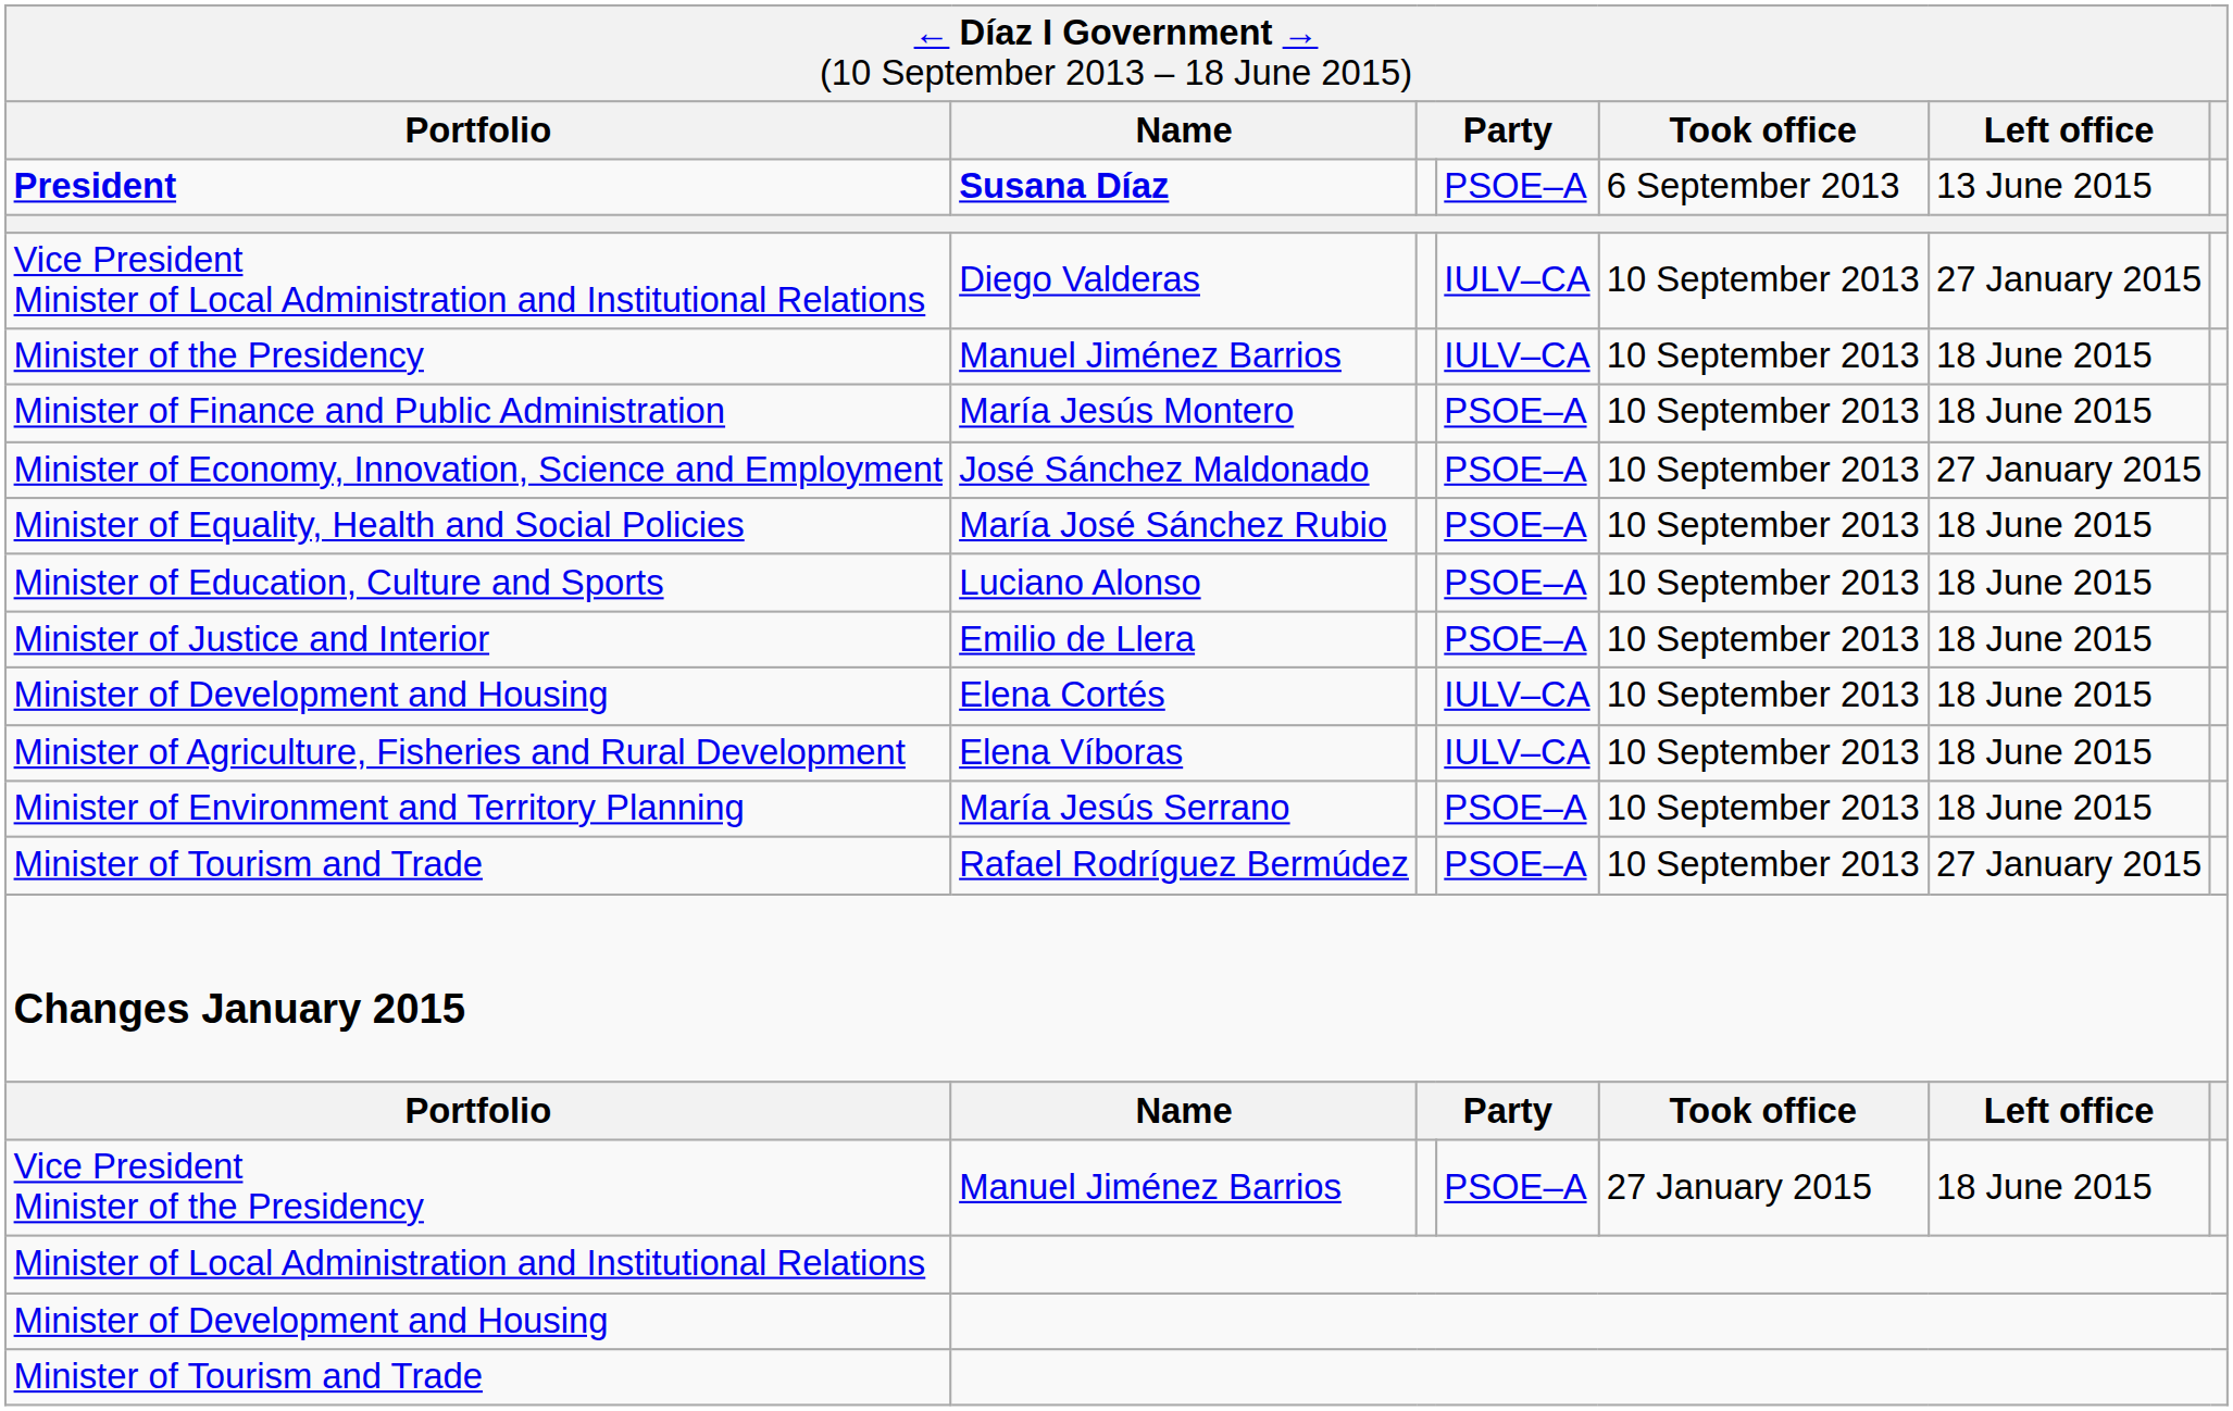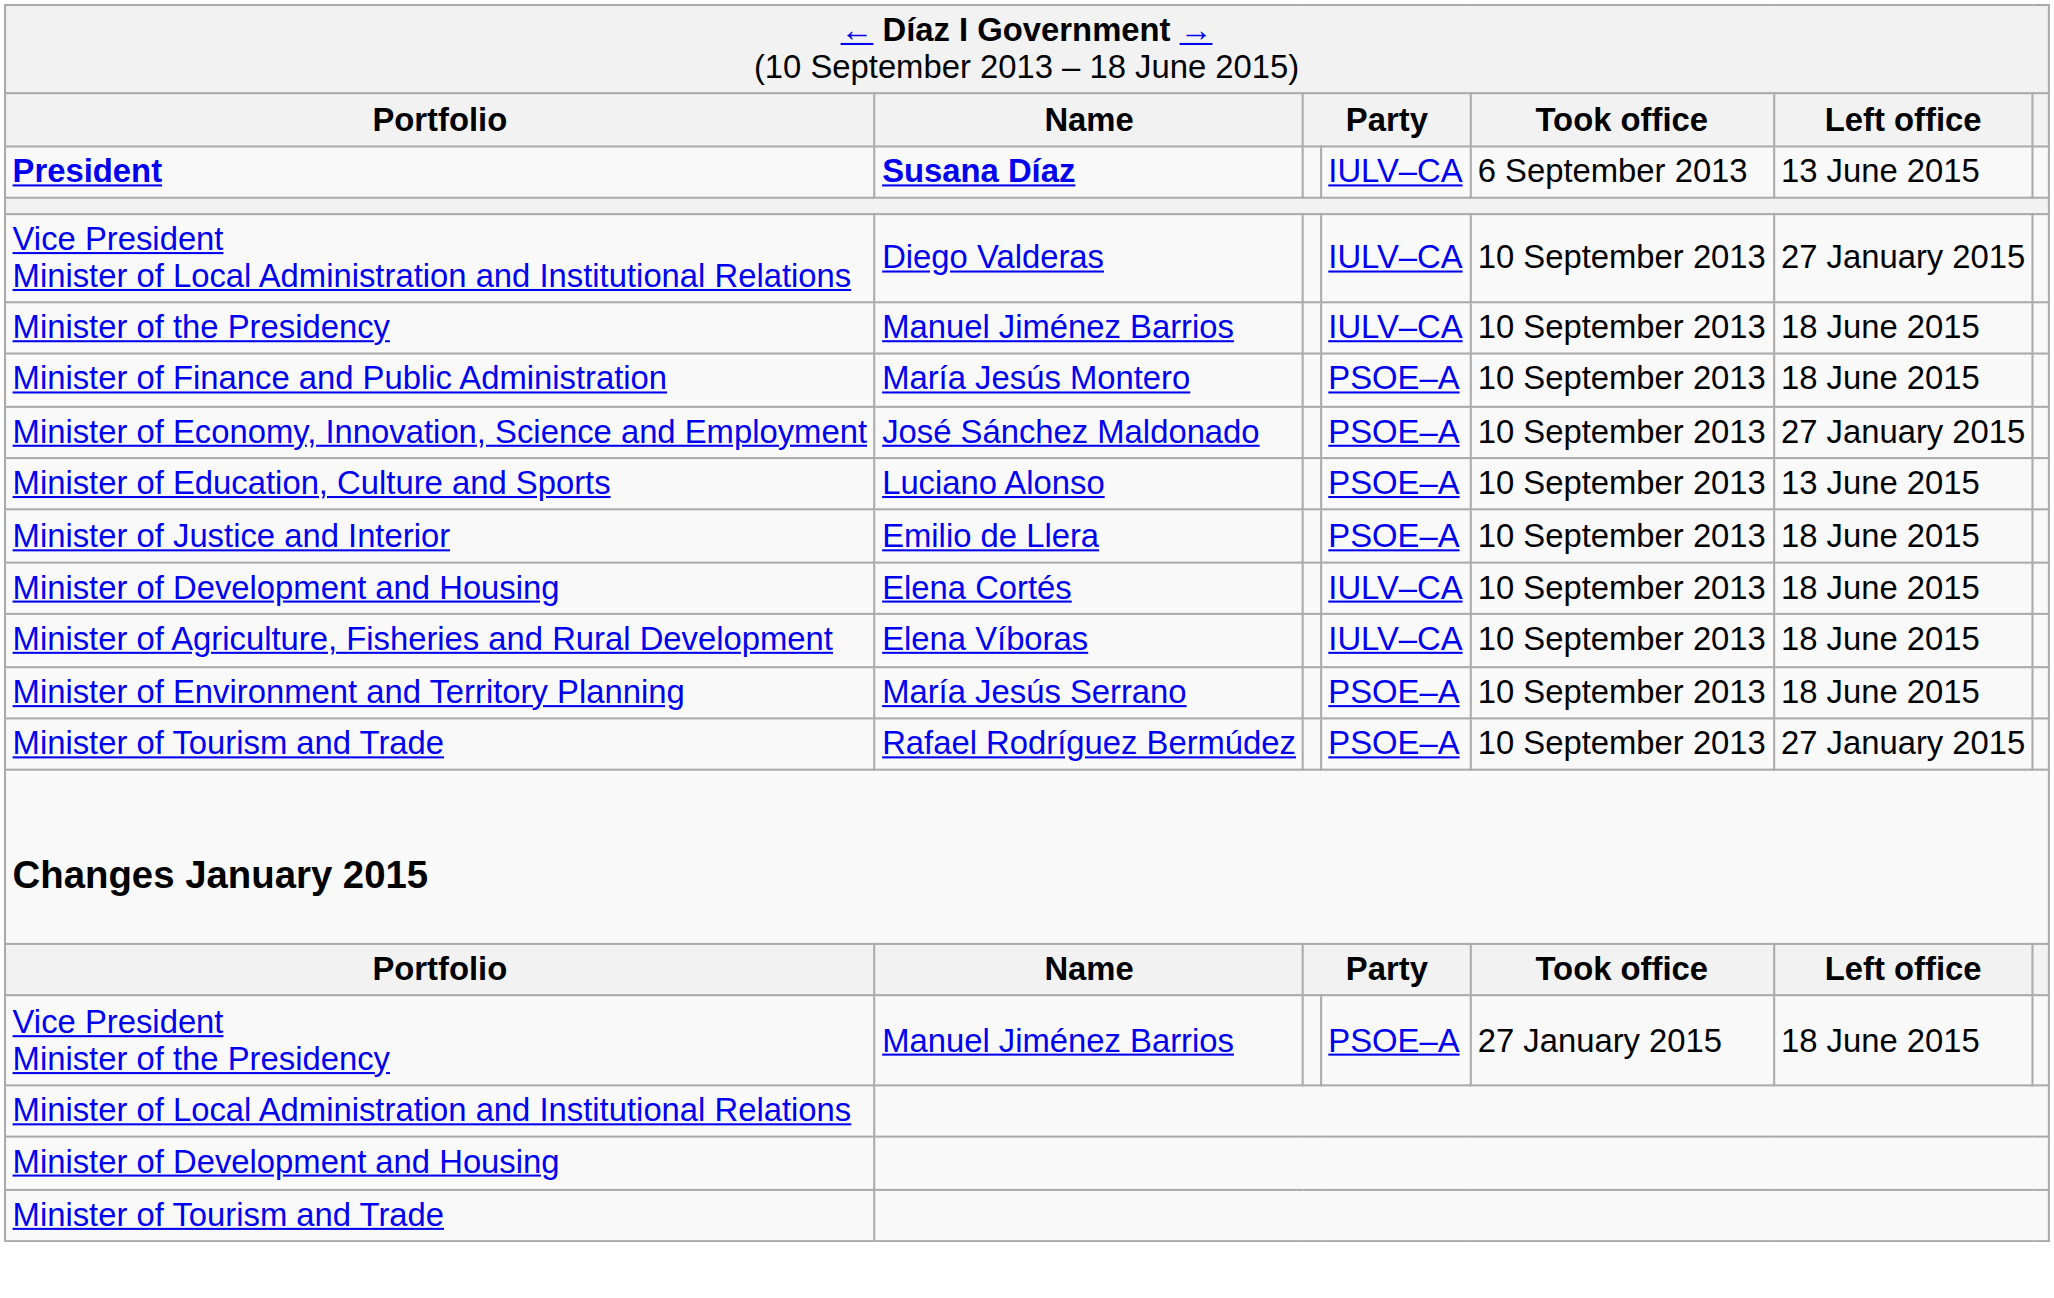 <table class="wikitable">
 <tr>
 <td colspan="7" bgcolor="#F2F2F2" align="center"><a href='#'>←</a> <strong>Díaz I Government</strong> <a href='#'>→</a><br>(10 September 2013 – 18 June 2015)</td>
 </tr>
 <tr>
 <th>Portfolio</th>
 <th>Name</th>
 <th colspan="2">Party</th>
 <th>Took office</th>
 <th>Left office</th>
 <th></th>
 </tr>
 <tr>
 <td><strong><a href='#'>President</a></strong></td>
 <td><strong><a href='#'>Susana Díaz</a></strong></td>
 <td width="1" style="background-color:"></td>
-<td><a href='#'>PSOE–A</a></td>
+<td><a href='#'>IULV–CA</a></td>
 <td>6 September 2013</td>
 <td>13 June 2015</td>
 <td align="center"></td>
 </tr>
 <tr>
 <th colspan="7"></th>
 </tr>
 <tr>
 <td><a href='#'>Vice President</a><br><a href='#'>Minister of Local Administration and Institutional Relations</a></td>
 <td><a href='#'>Diego Valderas</a></td>
 <td style="background-color:"></td>
 <td><a href='#'>IULV–CA</a></td>
 <td>10 September 2013</td>
 <td>27 January 2015</td>
 <td align="center"><br></td>
 </tr>
 <tr>
 <td><a href='#'>Minister of the Presidency</a></td>
 <td><a href='#'>Manuel Jiménez Barrios</a></td>
 <td style="background-color:"></td>
 <td><a href='#'>IULV–CA</a></td>
 <td>10 September 2013</td>
 <td>18 June 2015</td>
 <td align="center"></td>
 </tr>
 <tr>
 <td><a href='#'>Minister of Finance and Public Administration</a></td>
 <td><a href='#'>María Jesús Montero</a></td>
 <td style="background-color:"></td>
 <td><a href='#'>PSOE–A</a></td>
 <td>10 September 2013</td>
 <td>18 June 2015</td>
 <td align="center"></td>
 </tr>
 <tr>
 <td><a href='#'>Minister of Economy, Innovation, Science and Employment</a></td>
 <td><a href='#'>José Sánchez Maldonado</a></td>
 <td style="background-color:"></td>
 <td><a href='#'>PSOE–A</a></td>
 <td>10 September 2013</td>
 <td>27 January 2015</td>
 <td align="center"></td>
 </tr>
 <tr>
-<td><a href='#'>Minister of Equality, Health and Social Policies</a></td>
-<td><a href='#'>María José Sánchez Rubio</a></td>
-<td style="background-color:"></td>
-<td><a href='#'>PSOE–A</a></td>
-<td>10 September 2013</td>
-<td>18 June 2015</td>
-<td align="center"></td>
-</tr>
-<tr>
 <td><a href='#'>Minister of Education, Culture and Sports</a></td>
 <td><a href='#'>Luciano Alonso</a></td>
 <td style="background-color:"></td>
 <td><a href='#'>PSOE–A</a></td>
 <td>10 September 2013</td>
-<td>18 June 2015</td>
+<td>13 June 2015</td>
 <td align="center"></td>
 </tr>
 <tr>
 <td><a href='#'>Minister of Justice and Interior</a></td>
 <td><a href='#'>Emilio de Llera</a></td>
 <td style="background-color:"></td>
 <td><a href='#'>PSOE–A</a> </td>
 <td>10 September 2013</td>
 <td>18 June 2015</td>
 <td align="center"></td>
 </tr>
 <tr>
 <td><a href='#'>Minister of Development and Housing</a></td>
 <td><a href='#'>Elena Cortés</a></td>
 <td style="background-color:"></td>
 <td><a href='#'>IULV–CA</a></td>
 <td>10 September 2013</td>
 <td>18 June 2015</td>
 <td align="center"></td>
 </tr>
 <tr>
 <td><a href='#'>Minister of Agriculture, Fisheries and Rural Development</a></td>
 <td><a href='#'>Elena Víboras</a></td>
 <td style="background-color:"></td>
 <td><a href='#'>IULV–CA</a></td>
 <td>10 September 2013</td>
 <td>18 June 2015</td>
 <td align="center"></td>
 </tr>
 <tr>
 <td><a href='#'>Minister of Environment and Territory Planning</a></td>
 <td><a href='#'>María Jesús Serrano</a></td>
 <td style="background-color:"></td>
 <td><a href='#'>PSOE–A</a></td>
 <td>10 September 2013</td>
 <td>18 June 2015</td>
 <td align="center"></td>
 </tr>
 <tr>
 <td><a href='#'>Minister of Tourism and Trade</a></td>
 <td><a href='#'>Rafael Rodríguez Bermúdez</a></td>
 <td style="background-color:"></td>
 <td><a href='#'>PSOE–A</a></td>
 <td>10 September 2013</td>
 <td>27 January 2015</td>
 <td align="center"></td>
 </tr>
 <tr>
 <td colspan="7"><br><h3>Changes January 2015</h3></td>
 </tr>
 <tr>
 <th>Portfolio</th>
 <th>Name</th>
 <th colspan="2">Party</th>
 <th>Took office</th>
 <th>Left office</th>
 <th></th>
 </tr>
 <tr>
 <td><a href='#'>Vice President</a><br><a href='#'>Minister of the Presidency</a></td>
 <td><a href='#'>Manuel Jiménez Barrios</a></td>
 <td style="background-color:"></td>
 <td><a href='#'>PSOE–A</a></td>
 <td>27 January 2015</td>
 <td>18 June 2015</td>
 <td align="center"></td>
 </tr>
 <tr>
 <td><a href='#'>Minister of Local Administration and Institutional Relations</a></td>
 <td colspan="6"></td>
 </tr>
 <tr>
 <td><a href='#'>Minister of Development and Housing</a></td>
 <td colspan="6"></td>
 </tr>
 <tr>
 <td><a href='#'>Minister of Tourism and Trade</a></td>
 <td colspan="6"></td>
 </tr>
 </table>
